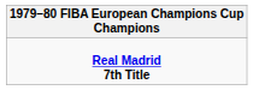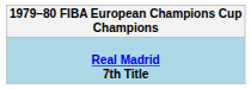 <table class=wikitable style="text-align:center; margin:auto">
 <tr>
 <th>1979–80 FIBA European Champions Cup<br>Champions</th>
 </tr>
 <tr>
-<td> <br> <strong><a href='#'>Real Madrid</a></strong> <br> <strong>7th Title</strong></td>
+<td style="background: lightblue;"> <br> <strong><a href='#'>Real Madrid</a></strong> <br> <strong>7th Title</strong></td>
 </tr>
 </table>
